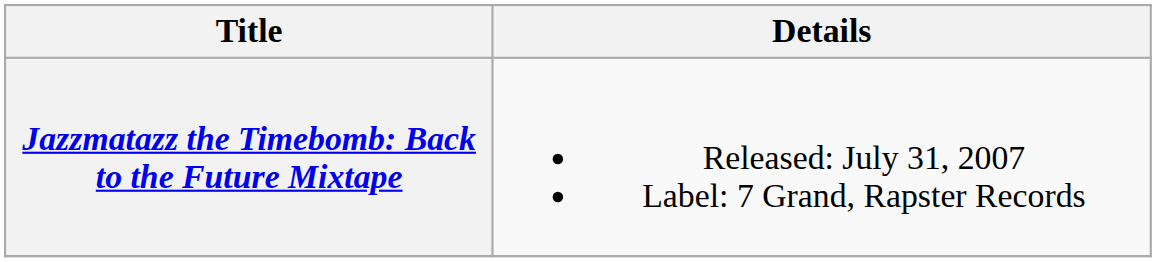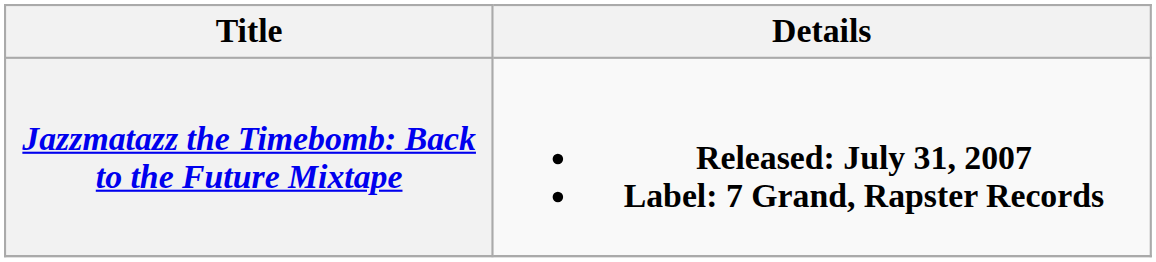 <table class="wikitable plainrowheaders" style="text-align:center;">
 <tr>
 <th scope="col" style="width:14em;">Title</th>
 <th scope="col" style="width:19em;">Details</th>
 </tr>
 <tr>
 <th scope="row"><em><a href='#'>Jazzmatazz the Timebomb: Back to the Future Mixtape</a></em></th>
-<td><br><ul><li>Released: July 31, 2007</li><li>Label: 7 Grand, Rapster Records</li></ul></td>
+<td><strong><br><ul><li>Released: July 31, 2007</li><li>Label: 7 Grand, Rapster Records</li></ul></strong></td>
 </tr>
 <tr>
 </tr>
 </table>
